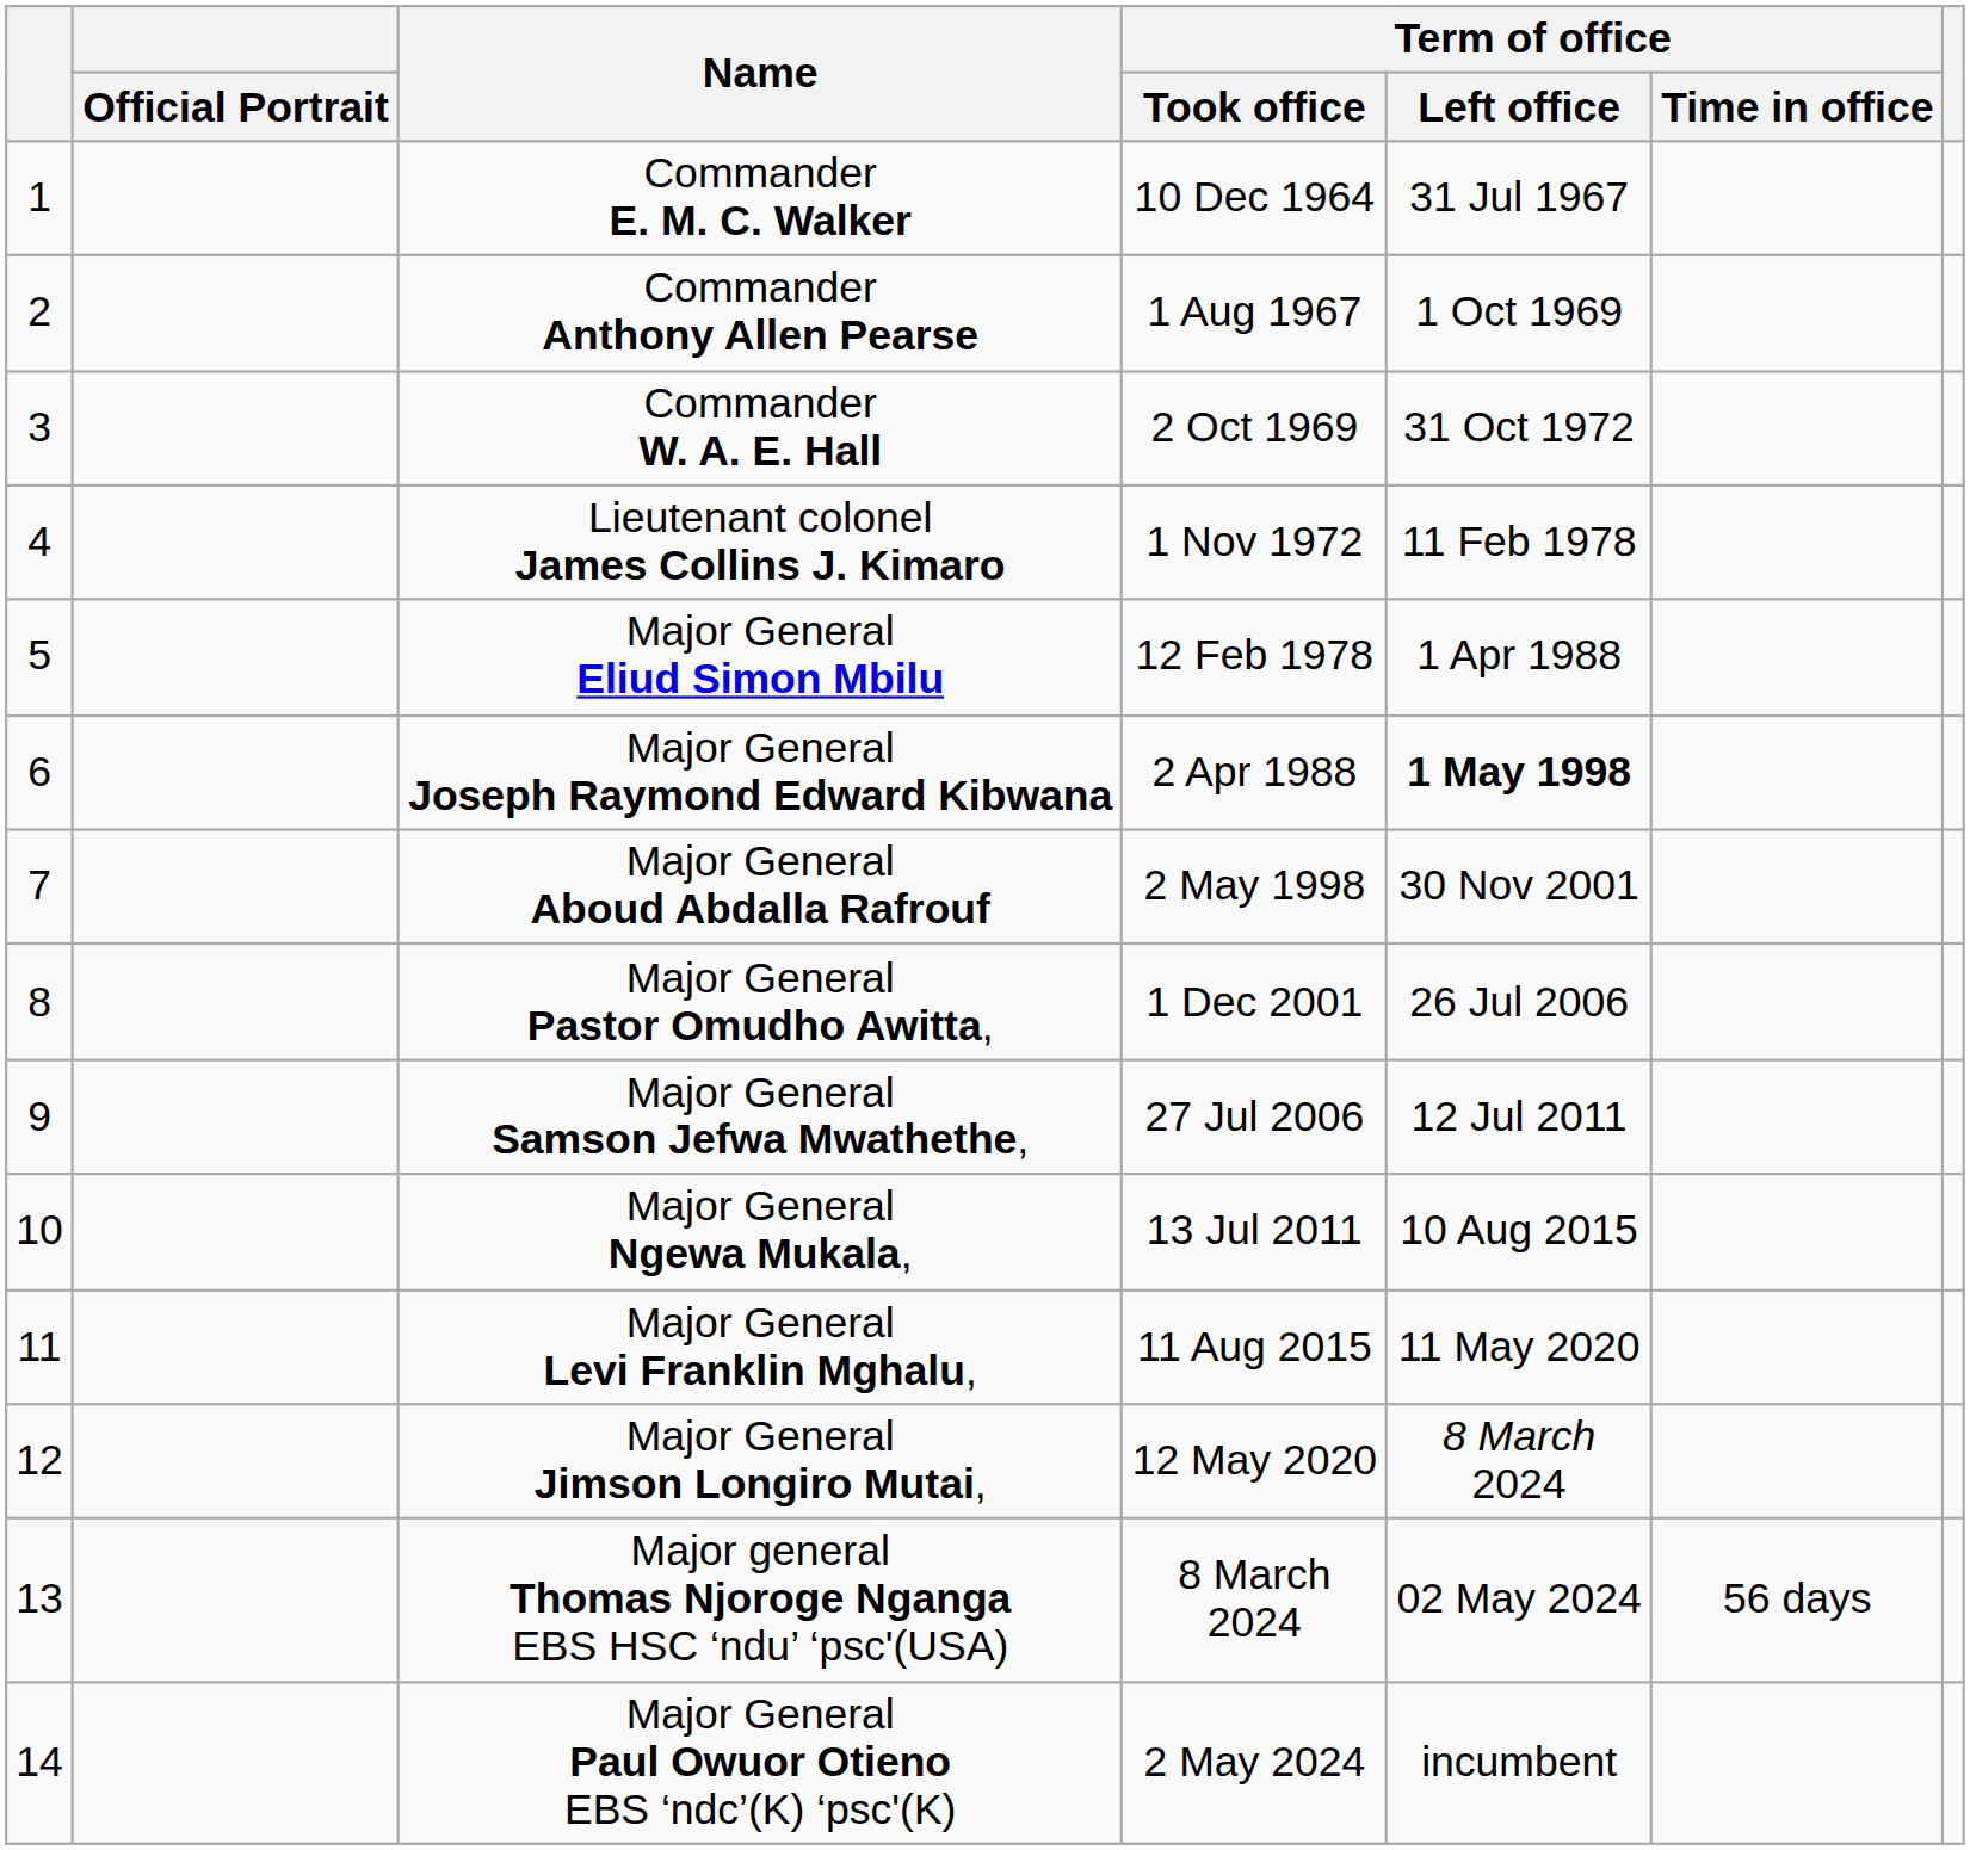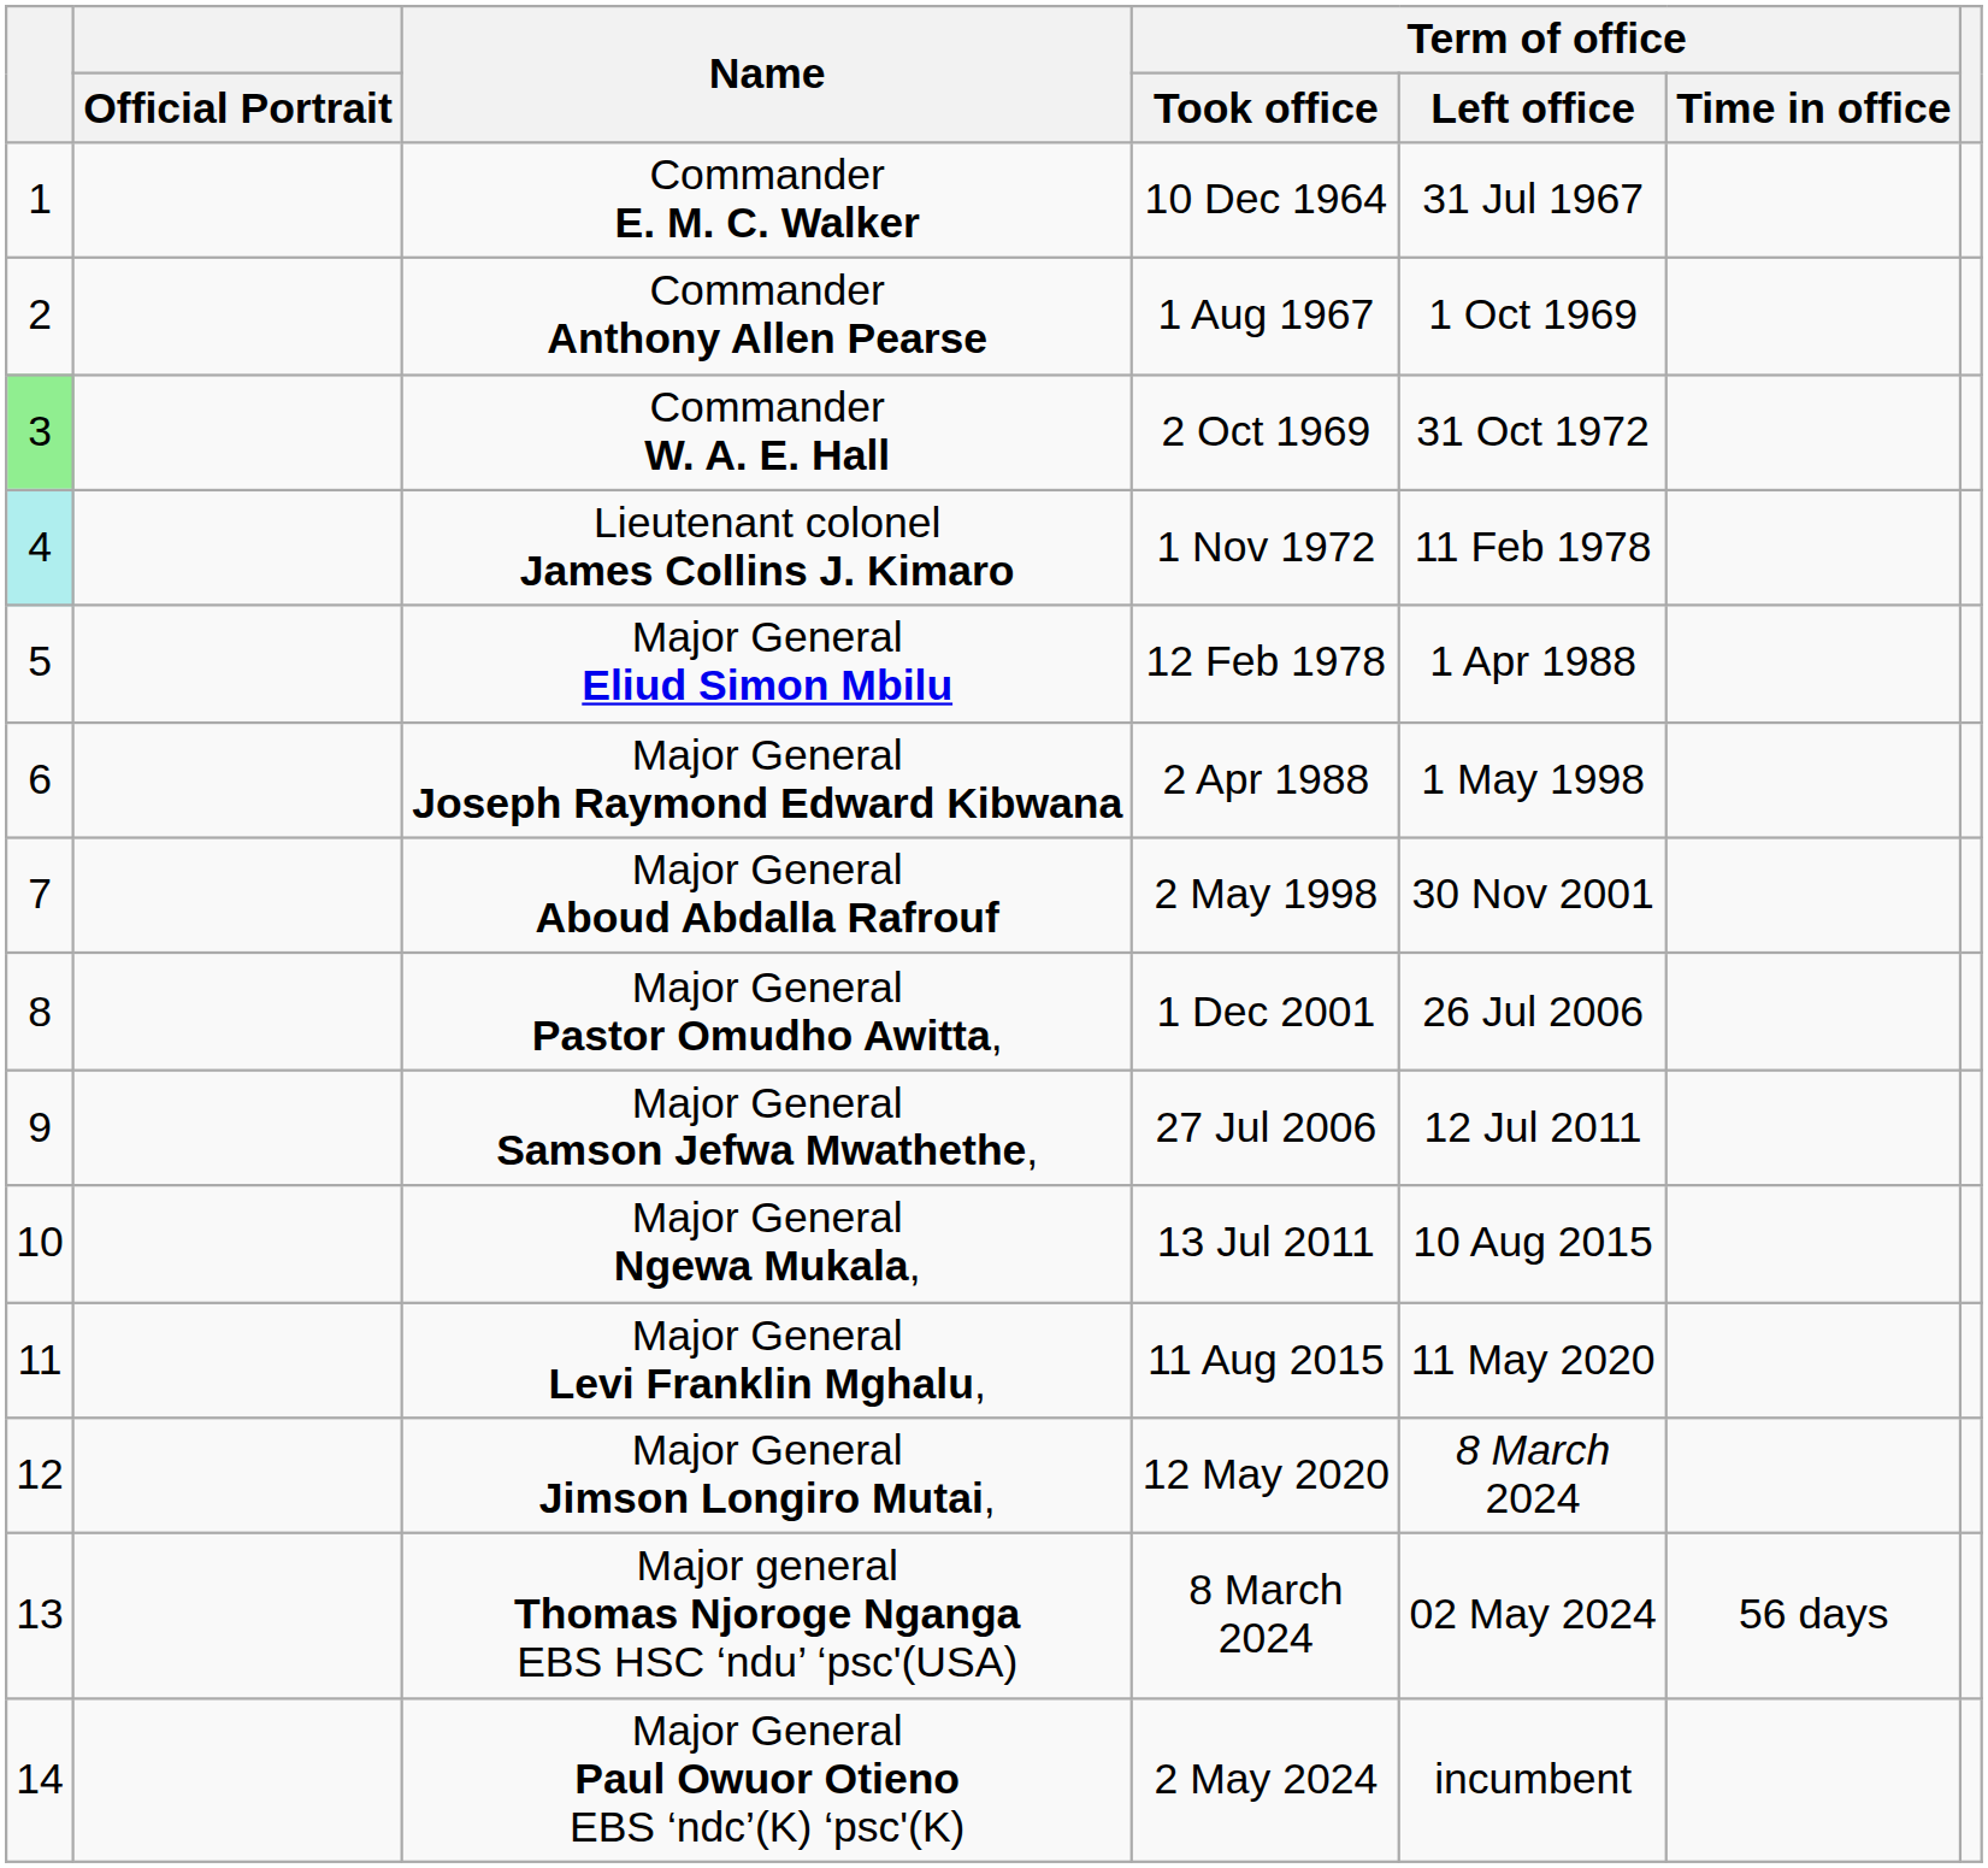 <table class="wikitable" style="text-align:center">
 <tr>
 <th rowspan=2></th>
 <th></th>
 <th rowspan="2">Name</th>
 <th colspan=3>Term of office</th>
 <th rowspan=2></th>
 </tr>
 <tr>
 <th>Official Portrait</th>
 <th>Took office</th>
 <th>Left office</th>
 <th>Time in office</th>
 </tr>
 <tr>
 <td>1</td>
 <td></td>
 <td>Commander<br><strong>E. M. C. Walker</strong></td>
 <td>10 Dec 1964</td>
 <td>31 Jul 1967</td>
 <td></td>
 <td></td>
 </tr>
 <tr>
 <td>2</td>
 <td></td>
 <td>Commander<br><strong>Anthony Allen Pearse</strong></td>
 <td>1 Aug 1967</td>
 <td>1 Oct 1969</td>
 <td></td>
 <td></td>
 </tr>
 <tr>
-<td>3</td>
+<td style="background: lightgreen;">3</td>
 <td></td>
 <td>Commander<br><strong>W. A. E. Hall</strong></td>
 <td>2 Oct 1969</td>
 <td>31 Oct 1972</td>
 <td></td>
 <td></td>
 </tr>
 <tr>
-<td>4</td>
+<td style="background: paleturquoise;">4</td>
 <td></td>
 <td>Lieutenant colonel<br><strong>James Collins J. Kimaro</strong></td>
 <td>1 Nov 1972</td>
 <td>11 Feb 1978</td>
 <td></td>
 <td></td>
 </tr>
 <tr>
 <td>5</td>
 <td></td>
 <td>Major General<br><strong><a href='#'>Eliud Simon Mbilu</a></strong></td>
 <td>12 Feb 1978</td>
 <td>1 Apr 1988</td>
 <td></td>
 <td></td>
 </tr>
 <tr>
 <td>6</td>
 <td></td>
 <td>Major General<br><strong>Joseph Raymond Edward Kibwana</strong></td>
 <td>2 Apr 1988</td>
-<td><strong>1 May 1998</strong></td>
+<td>1 May 1998</td>
 <td></td>
 <td></td>
 </tr>
 <tr>
 <td>7</td>
 <td></td>
 <td>Major General<br><strong>Aboud Abdalla Rafrouf </strong></td>
 <td>2 May 1998</td>
 <td>30 Nov 2001</td>
 <td></td>
 <td></td>
 </tr>
 <tr>
 <td>8</td>
 <td></td>
 <td>Major General<br><strong>Pastor Omudho Awitta</strong>, </td>
 <td>1 Dec 2001</td>
 <td>26 Jul 2006</td>
 <td></td>
 <td></td>
 </tr>
 <tr>
 <td>9</td>
 <td></td>
 <td>Major General<br><strong>Samson Jefwa Mwathethe</strong>, </td>
 <td>27 Jul 2006</td>
 <td>12 Jul 2011</td>
 <td></td>
 <td></td>
 </tr>
 <tr>
 <td>10</td>
 <td></td>
 <td>Major General<br><strong>Ngewa Mukala</strong>,<br></td>
 <td>13 Jul 2011</td>
 <td>10 Aug 2015</td>
 <td></td>
 <td></td>
 </tr>
 <tr>
 <td>11</td>
 <td></td>
 <td>Major General<br><strong>Levi Franklin Mghalu</strong>,<br></td>
 <td>11 Aug 2015</td>
 <td>11 May 2020</td>
 <td></td>
 <td></td>
 </tr>
 <tr>
 <td>12</td>
 <td></td>
 <td>Major General<br><strong>Jimson Longiro Mutai</strong>,<br></td>
 <td>12 May 2020</td>
 <td><em>8 March</em><br>2024</td>
 <td></td>
 <td></td>
 </tr>
 <tr>
 <td>13</td>
 <td></td>
 <td>Major general<br><strong>Thomas Njoroge Nganga</strong><br>EBS HSC ‘ndu’ ‘psc'(USA)  </td>
 <td>8 March<br>2024</td>
 <td>02 May 2024</td>
 <td>56 days</td>
 <td></td>
 </tr>
 <tr>
 <td>14</td>
 <td></td>
 <td>Major General<br><strong>Paul Owuor Otieno</strong><br>EBS ‘ndc’(K) ‘psc'(K)</td>
 <td>2 May 2024</td>
 <td>incumbent</td>
 <td></td>
 </tr>
 </table>
